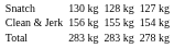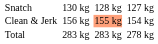 <table>
 <tr>
 <td>Snatch</td>
 <td></td>
 <td>130 kg</td>
 <td></td>
 <td>128 kg</td>
 <td></td>
 <td>127 kg</td>
 </tr>
 <tr>
 <td>Clean & Jerk</td>
 <td></td>
 <td>156 kg</td>
 <td></td>
-<td>155 kg</td>
+<td style="background: lightsalmon;">155 kg</td>
 <td></td>
 <td>154 kg</td>
 </tr>
 <tr>
 <td>Total</td>
 <td></td>
 <td>283 kg</td>
 <td></td>
 <td>283 kg</td>
 <td></td>
 <td>278 kg</td>
 </tr>
 </table>
